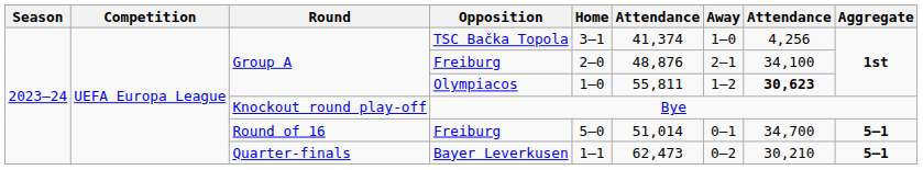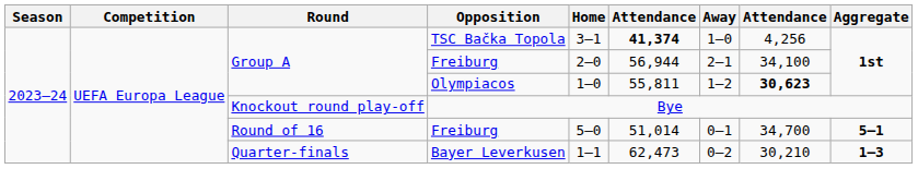 <table class="wikitable">
 <tr>
 <th>Season</th>
 <th>Competition</th>
 <th>Round</th>
 <th>Opposition</th>
 <th>Home</th>
 <th>Attendance</th>
 <th>Away</th>
 <th>Attendance</th>
 <th>Aggregate</th>
 </tr>
 <tr>
 <td rowspan=7><a href='#'>2023–24</a></td>
 <td rowspan=7><a href='#'>UEFA Europa League</a></td>
 <td rowspan=3><a href='#'>Group A</a></td>
 <td> <a href='#'>TSC Bačka Topola</a></td>
 <td style="text-align:center;">3–1</td>
-<td style="text-align:center;">41,374</td>
+<td style="text-align:center;"><strong>41,374</strong></td>
 <td style="text-align:center;">1–0</td>
 <td style="text-align:center;">4,256</td>
 <td rowspan=3 style="text-align:center;"><strong>1st</strong></td>
 </tr>
 <tr>
 <td> <a href='#'>Freiburg</a></td>
 <td style="text-align:center;">2–0</td>
-<td style="text-align:center;">48,876</td>
+<td style="text-align:center;">56,944</td>
 <td style="text-align:center;">2–1</td>
 <td style="text-align:center;">34,100</td>
 </tr>
 <tr>
 <td> <a href='#'>Olympiacos</a></td>
 <td style="text-align:center;">1–0</td>
 <td style="text-align:center;">55,811</td>
 <td style="text-align:center;">1–2</td>
 <td style="text-align:center;"><strong>30,623</strong></td>
 </tr>
 <tr>
 <td><a href='#'>Knockout round play-off</a></td>
 <td colspan=6 style="text-align:center;"><a href='#'>Bye</a></td>
 </tr>
 <tr>
 <td><a href='#'>Round of 16</a></td>
 <td> <a href='#'>Freiburg</a></td>
 <td style="text-align:center;">5–0</td>
 <td style="text-align:center;">51,014</td>
 <td style="text-align:center;">0–1</td>
 <td style="text-align:center;">34,700</td>
 <td style="text-align:center;"><strong>5–1</strong></td>
 </tr>
 <tr>
 <td><a href='#'>Quarter-finals</a></td>
 <td> <a href='#'>Bayer Leverkusen</a></td>
 <td style="text-align:center;">1–1</td>
 <td style="text-align:center;">62,473</td>
 <td style="text-align:center;">0–2</td>
 <td style="text-align:center;">30,210</td>
-<td style="text-align:center;"><strong>5–1</strong></td>
+<td style="text-align:center;"><strong>1–3</strong></td>
 </tr>
 </table>
